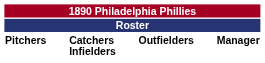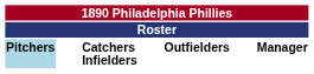 <table class="toccolours" style="font-size: 95%;">
 <tr>
 <th colspan="10" style="background-color: #A50024; color: white; text-align: center;">1890 Philadelphia Phillies</th>
 </tr>
 <tr>
 <td colspan="10" style="background-color: #263473; color: white; text-align: center;"><strong>Roster</strong></td>
 </tr>
 <tr>
-<td valign="top"><strong>Pitchers</strong><br>        </td>
+<td valign="top" style="background: lightblue;"><strong>Pitchers</strong><br>        </td>
 <td width="25px"></td>
 <td valign="top"><strong>Catchers</strong><br>  <strong>Infielders</strong>      </td>
 <td width="25px"></td>
 <td valign="top"><strong>Outfielders</strong><br>    </td>
 <td width="25px"></td>
 <td valign="top"><strong>Manager</strong><br>   </td>
 </tr>
 </table>
